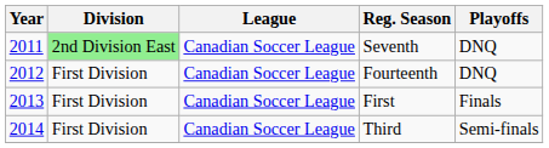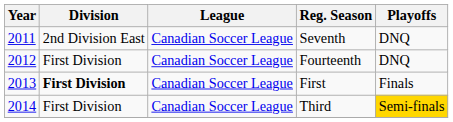 <table class="wikitable">
 <tr>
 <th>Year</th>
 <th>Division</th>
 <th>League</th>
 <th>Reg. Season</th>
 <th>Playoffs</th>
 </tr>
 <tr>
 <td><a href='#'>2011</a></td>
-<td style="background: lightgreen;">2nd Division East</td>
+<td>2nd Division East</td>
 <td><a href='#'>Canadian Soccer League</a></td>
 <td>Seventh</td>
 <td>DNQ</td>
 </tr>
 <tr>
 <td><a href='#'>2012</a></td>
 <td>First Division</td>
 <td><a href='#'>Canadian Soccer League</a></td>
 <td>Fourteenth</td>
 <td>DNQ</td>
 </tr>
 <tr>
 <td><a href='#'>2013</a></td>
-<td>First Division</td>
+<td><strong>First Division</strong></td>
 <td><a href='#'>Canadian Soccer League</a></td>
 <td>First</td>
 <td>Finals</td>
 </tr>
 <tr>
 <td><a href='#'>2014</a></td>
 <td>First Division</td>
 <td><a href='#'>Canadian Soccer League</a></td>
 <td>Third</td>
-<td>Semi-finals</td>
+<td style="background: gold;">Semi-finals</td>
 </tr>
 <tr>
 </tr>
 </table>
